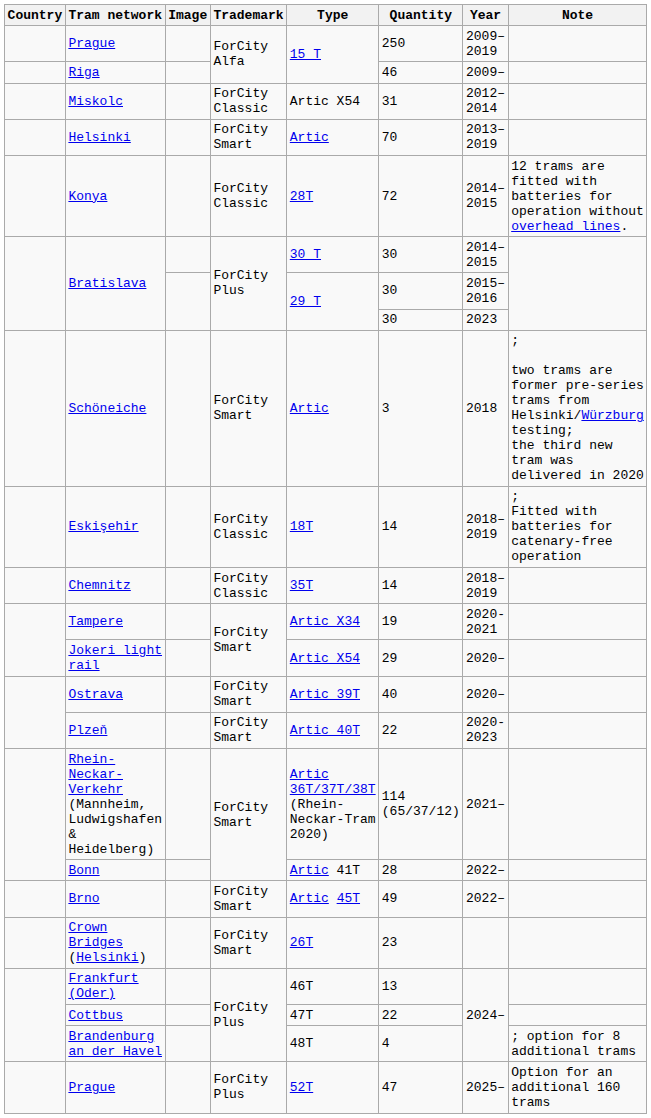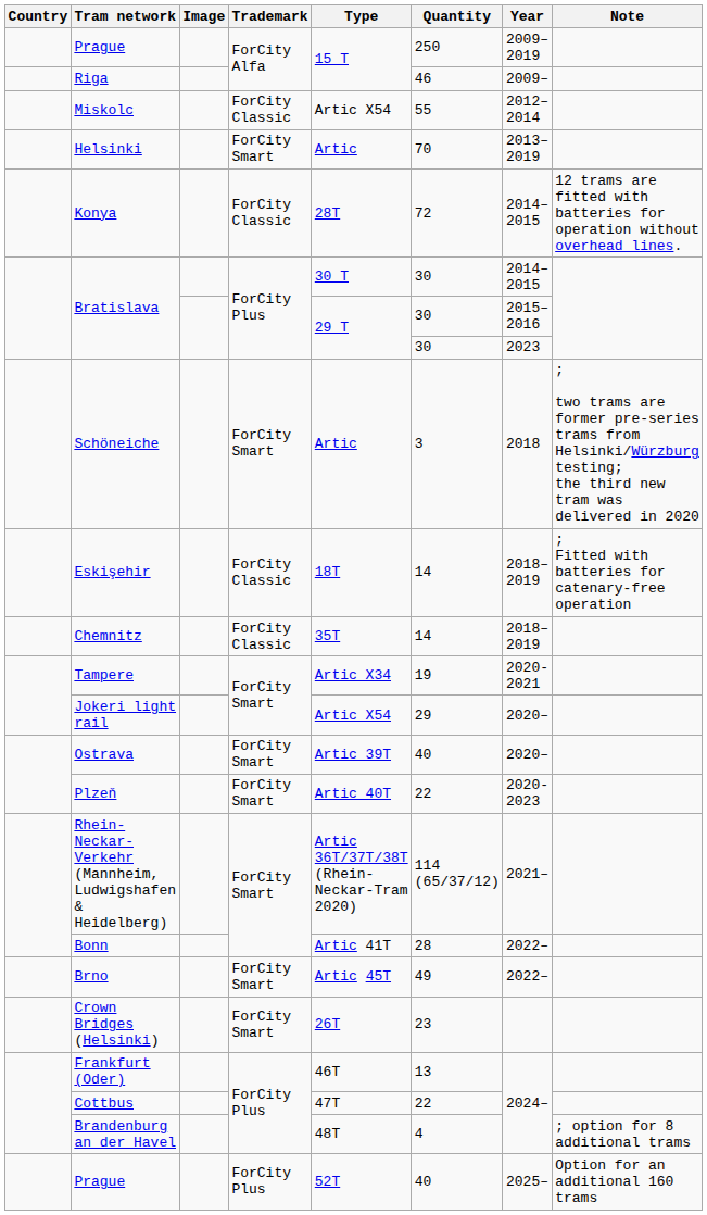 <table class="wikitable sortable">
 <tr>
 <th>Country</th>
 <th>Tram network</th>
 <th>Image</th>
 <th>Trademark</th>
 <th>Type</th>
 <th>Quantity</th>
 <th>Year</th>
 <th>Note</th>
 </tr>
 <tr>
 <td></td>
 <td><a href='#'>Prague</a></td>
 <td></td>
 <td rowspan="2">ForCity Alfa</td>
 <td rowspan="2"><a href='#'>15 T</a></td>
 <td>250</td>
 <td>2009–2019</td>
 <td></td>
 </tr>
 <tr>
 <td></td>
 <td><a href='#'>Riga</a></td>
 <td></td>
 <td>46</td>
 <td>2009–</td>
 <td></td>
 </tr>
 <tr>
 <td></td>
 <td><a href='#'>Miskolc</a></td>
 <td></td>
 <td>ForCity Classic</td>
 <td>Artic X54</td>
-<td>31</td>
+<td>55</td>
 <td>2012–2014</td>
 <td></td>
 </tr>
 <tr>
 <td></td>
 <td><a href='#'>Helsinki</a></td>
 <td></td>
 <td>ForCity Smart</td>
 <td><a href='#'>Artic</a></td>
 <td>70</td>
 <td>2013–2019</td>
 <td></td>
 </tr>
 <tr>
 <td></td>
 <td><a href='#'>Konya</a></td>
 <td></td>
 <td>ForCity Classic</td>
 <td><a href='#'>28T</a></td>
 <td>72</td>
 <td>2014–2015</td>
 <td>12 trams are fitted with batteries for operation without <a href='#'>overhead lines</a>. <br> </td>
 </tr>
 <tr>
 <td rowspan=3></td>
 <td rowspan=3><a href='#'>Bratislava</a></td>
 <td></td>
 <td rowspan=3>ForCity Plus</td>
 <td><a href='#'>30 T</a></td>
 <td>30</td>
 <td>2014–2015</td>
 <td rowspan=3></td>
 </tr>
 <tr>
 <td rowspan=2></td>
 <td rowspan=2><a href='#'>29 T</a></td>
 <td>30</td>
 <td>2015–2016</td>
 </tr>
 <tr>
 <td>30</td>
 <td>2023</td>
 </tr>
 <tr>
 <td></td>
 <td><a href='#'>Schöneiche</a></td>
 <td></td>
 <td>ForCity Smart</td>
 <td><a href='#'>Artic</a></td>
 <td>3</td>
 <td>2018</td>
 <td>; <br><br>two trams are former pre-series trams from Helsinki/<a href='#'>Würzburg</a> testing; <br> the third new tram was delivered in 2020</td>
 </tr>
 <tr>
 <td></td>
 <td><a href='#'>Eskişehir</a></td>
 <td></td>
 <td>ForCity Classic</td>
 <td><a href='#'>18T</a></td>
 <td>14</td>
 <td>2018–2019</td>
 <td>; <br> Fitted with batteries for catenary-free operation</td>
 </tr>
 <tr>
 <td></td>
 <td><a href='#'>Chemnitz</a></td>
 <td></td>
 <td>ForCity Classic</td>
 <td><a href='#'>35T</a></td>
 <td>14</td>
 <td>2018–2019</td>
 <td></td>
 </tr>
 <tr>
 <td rowspan="2"></td>
 <td><a href='#'>Tampere</a></td>
 <td></td>
 <td rowspan="2">ForCity Smart</td>
 <td><a href='#'>Artic X34</a></td>
 <td>19</td>
 <td>2020-2021</td>
 <td></td>
 </tr>
 <tr>
 <td><a href='#'>Jokeri light rail</a> </td>
 <td></td>
 <td><a href='#'>Artic X54</a></td>
 <td>29</td>
 <td>2020–</td>
 <td></td>
 </tr>
 <tr>
 <td rowspan="2"></td>
 <td><a href='#'>Ostrava</a></td>
 <td></td>
 <td>ForCity Smart</td>
 <td><a href='#'>Artic 39T</a></td>
 <td>40</td>
 <td>2020–</td>
 <td></td>
 </tr>
 <tr>
 <td><a href='#'>Plzeň</a></td>
 <td></td>
 <td>ForCity Smart</td>
 <td><a href='#'>Artic 40T</a></td>
 <td>22</td>
 <td>2020-2023</td>
 <td></td>
 </tr>
 <tr>
 <td rowspan="2"></td>
 <td><a href='#'>Rhein-Neckar-Verkehr</a> (Mannheim, Ludwigshafen & Heidelberg)</td>
 <td></td>
 <td rowspan="2" 39t>ForCity Smart</td>
 <td><a href='#'>Artic 36T/37T/38T</a><br>(Rhein-Neckar-Tram 2020)</td>
 <td>114 (65/37/12)</td>
 <td>2021–</td>
 <td></td>
 </tr>
 <tr>
 <td><a href='#'>Bonn</a></td>
 <td></td>
 <td><a href='#'>Artic</a> 41T</td>
 <td>28</td>
 <td>2022–</td>
 <td></td>
 </tr>
 <tr>
 <td></td>
 <td><a href='#'>Brno</a></td>
 <td></td>
 <td>ForCity Smart</td>
 <td><a href='#'>Artic</a> <a href='#'>45T</a></td>
 <td>49</td>
 <td>2022–</td>
 <td></td>
 </tr>
 <tr>
 <td></td>
 <td><a href='#'>Crown Bridges</a> (<a href='#'>Helsinki</a>)</td>
 <td></td>
 <td>ForCity Smart</td>
 <td><a href='#'>26T</a></td>
 <td>23</td>
 <td></td>
 <td></td>
 </tr>
 <tr>
 <td rowspan="3"></td>
 <td><a href='#'>Frankfurt (Oder)</a></td>
 <td></td>
 <td rowspan="3">ForCity Plus</td>
 <td>46T</td>
 <td>13</td>
 <td rowspan="3">2024–</td>
 <td></td>
 </tr>
 <tr>
 <td><a href='#'>Cottbus</a></td>
 <td></td>
 <td>47T</td>
 <td>22</td>
 <td></td>
 </tr>
 <tr>
 <td><a href='#'>Brandenburg an der Havel</a></td>
 <td></td>
 <td>48T</td>
 <td>4</td>
 <td>; option for 8 additional trams</td>
 </tr>
 <tr>
 <td></td>
 <td><a href='#'>Prague</a></td>
 <td></td>
 <td>ForCity Plus</td>
 <td><a href='#'>52T</a></td>
-<td>47</td>
+<td>40</td>
 <td>2025–</td>
 <td>Option for an additional 160 trams</td>
 </tr>
 </table>
